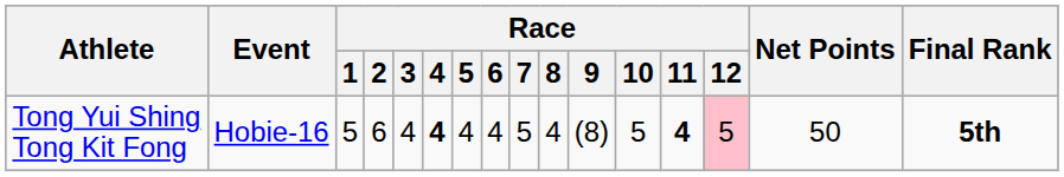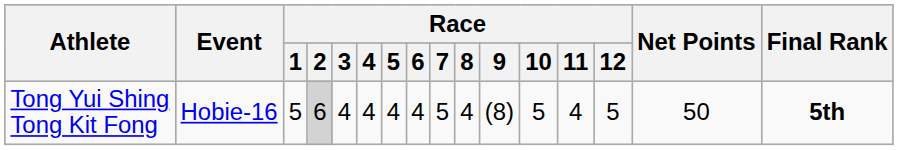 <table class="wikitable" border="1" style="font-size:90%">
 <tr>
 <th rowspan=2>Athlete</th>
 <th rowspan=2>Event</th>
 <th colspan=12>Race</th>
 <th rowspan=2>Net Points</th>
 <th rowspan=2>Final Rank</th>
 </tr>
 <tr>
 <th>1</th>
 <th>2</th>
 <th>3</th>
 <th>4</th>
 <th>5</th>
 <th>6</th>
 <th>7</th>
 <th>8</th>
 <th>9</th>
 <th>10</th>
 <th>11</th>
 <th>12</th>
 </tr>
 <tr align=center>
 <td align=left><a href='#'>Tong Yui Shing</a><br><a href='#'>Tong Kit Fong</a></td>
 <td align=left><a href='#'>Hobie-16</a></td>
 <td>5</td>
-<td>6</td>
+<td style="background: lightgrey;">6</td>
 <td>4</td>
-<td><strong>4</strong></td>
+<td>4</td>
 <td>4</td>
 <td>4</td>
 <td>5</td>
 <td>4</td>
 <td>(8)</td>
 <td>5</td>
-<td><strong>4</strong></td>
-<td style="background: pink;">5</td>
+<td>4</td>
+<td>5</td>
 <td>50</td>
 <td><strong>5th</strong></td>
 </tr>
 </table>
